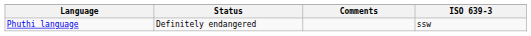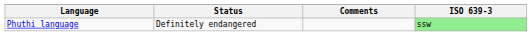 <table class="wikitable" style="margin:auto; font-size:90%;">
 <tr>
 </tr>
 <tr>
 <th style="width:20%;">Language</th>
 <th style="width:20%;">Status</th>
 <th style="width:15%;">Comments</th>
 <th style="width:15%;">ISO 639-3</th>
 </tr>
 <tr>
 <td><a href='#'>Phuthi language</a></td>
 <td>Definitely endangered</td>
 <td> </td>
-<td>ssw</td>
+<td style="background: lightgreen;">ssw</td>
 </tr>
 </table>
